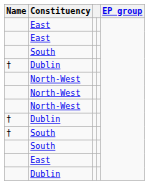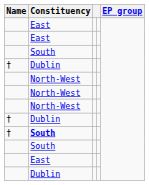 <table class="wikitable sortable">
 <tr>
 <th>Name</th>
 <th>Constituency</th>
 <th colspan=2></th>
 <th colspan=2><a href='#'>EP group</a></th>
 </tr>
 <tr>
 <td></td>
 <td><a href='#'>East</a></td>
 <td></td>
 <td></td>
 </tr>
 <tr>
 <td></td>
 <td><a href='#'>East</a></td>
 <td></td>
 <td></td>
 </tr>
 <tr>
 <td></td>
 <td><a href='#'>South</a></td>
 <td></td>
 <td></td>
 </tr>
 <tr>
 <td>†</td>
 <td><a href='#'>Dublin</a></td>
 <td></td>
 <td></td>
 </tr>
 <tr>
 <td></td>
 <td><a href='#'>North-West</a></td>
 <td></td>
 <td></td>
 </tr>
 <tr>
 <td></td>
 <td><a href='#'>North-West</a></td>
 <td></td>
 <td></td>
 </tr>
 <tr>
 <td></td>
 <td><a href='#'>North-West</a></td>
 <td></td>
 <td></td>
 </tr>
 <tr>
 <td>†</td>
 <td><a href='#'>Dublin</a></td>
 <td></td>
 <td></td>
 </tr>
 <tr>
 <td>†</td>
-<td><a href='#'>South</a></td>
+<td><strong><a href='#'>South</a></strong></td>
 <td></td>
 <td></td>
 </tr>
 <tr>
 <td></td>
 <td><a href='#'>South</a></td>
 <td></td>
 <td></td>
 </tr>
 <tr>
 <td></td>
 <td><a href='#'>East</a></td>
 <td></td>
 <td></td>
 </tr>
 <tr>
 <td></td>
 <td><a href='#'>Dublin</a></td>
 <td></td>
 <td></td>
 </tr>
 </table>
